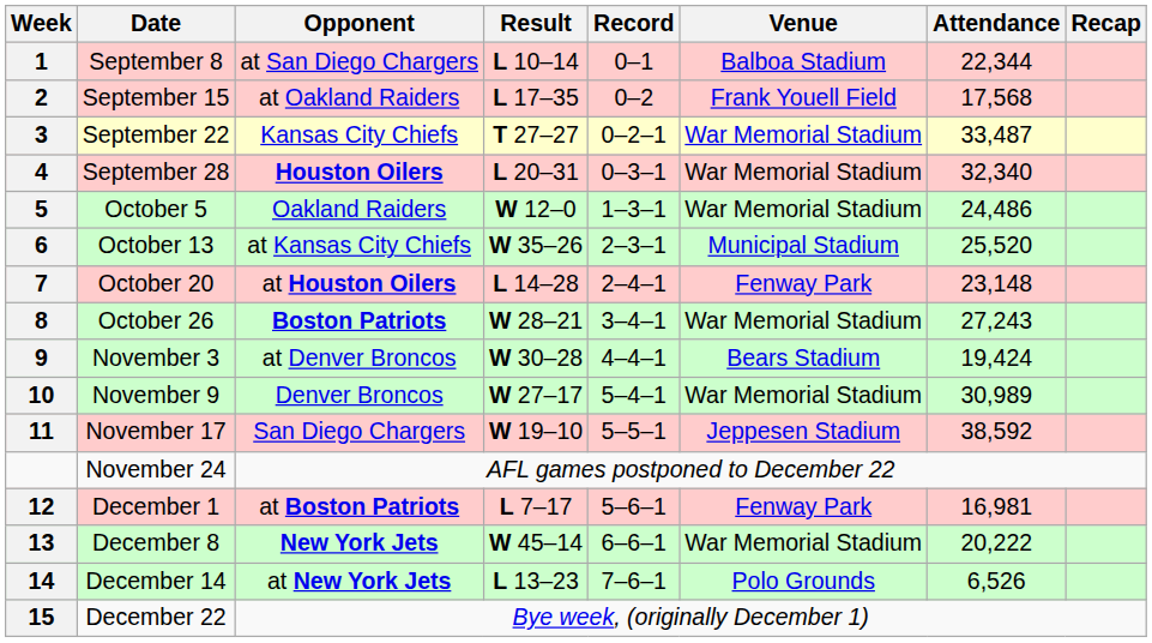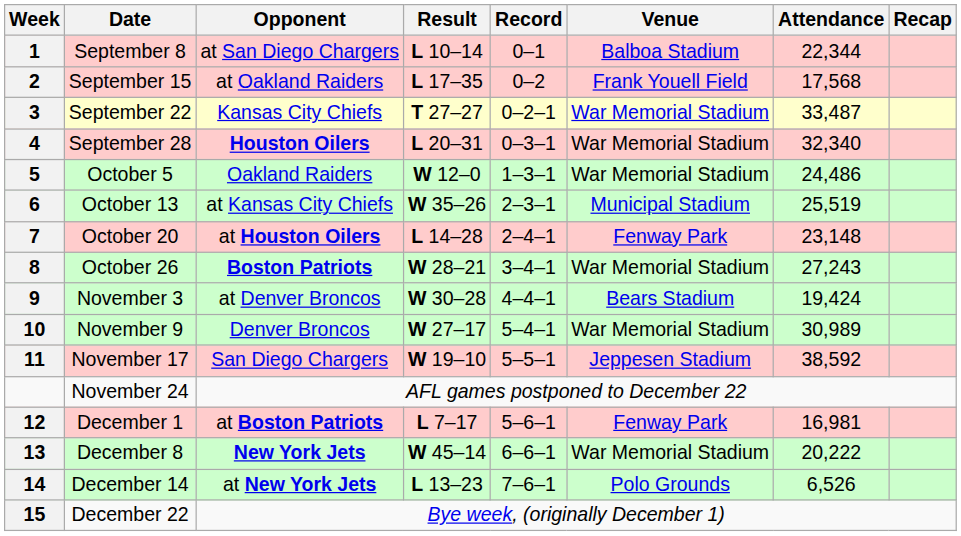 <table class="wikitable" style="text-align:center">
 <tr>
 <th>Week</th>
 <th>Date</th>
 <th>Opponent</th>
 <th>Result</th>
 <th>Record</th>
 <th>Venue</th>
 <th>Attendance</th>
 <th>Recap</th>
 </tr>
 <tr style="background:#fcc">
 <th>1</th>
 <td>September 8</td>
 <td>at <a href='#'>San Diego Chargers</a></td>
 <td><strong>L</strong> 10–14</td>
 <td>0–1</td>
 <td><a href='#'>Balboa Stadium</a></td>
 <td>22,344</td>
 <td></td>
 </tr>
 <tr style="background:#fcc">
 <th>2</th>
 <td>September 15</td>
 <td>at <a href='#'>Oakland Raiders</a></td>
 <td><strong>L</strong> 17–35</td>
 <td>0–2</td>
 <td><a href='#'>Frank Youell Field</a></td>
 <td>17,568</td>
 <td></td>
 </tr>
 <tr style="background:#ffc">
 <th>3</th>
 <td>September 22</td>
 <td><a href='#'>Kansas City Chiefs</a></td>
 <td><strong>T</strong> 27–27</td>
 <td>0–2–1</td>
 <td><a href='#'>War Memorial Stadium</a></td>
 <td>33,487</td>
 <td></td>
 </tr>
 <tr style="background:#fcc">
 <th>4</th>
 <td>September 28</td>
 <td><strong><a href='#'>Houston Oilers</a></strong></td>
 <td><strong>L</strong> 20–31</td>
 <td>0–3–1</td>
 <td>War Memorial Stadium</td>
 <td>32,340</td>
 <td></td>
 </tr>
 <tr style="background:#cfc">
 <th>5</th>
 <td>October 5</td>
 <td><a href='#'>Oakland Raiders</a></td>
 <td><strong>W</strong> 12–0</td>
 <td>1–3–1</td>
 <td>War Memorial Stadium</td>
 <td>24,486</td>
 <td></td>
 </tr>
 <tr style="background:#cfc">
 <th>6</th>
 <td>October 13</td>
 <td>at <a href='#'>Kansas City Chiefs</a></td>
 <td><strong>W</strong> 35–26</td>
 <td>2–3–1</td>
 <td><a href='#'>Municipal Stadium</a></td>
-<td>25,520</td>
+<td>25,519</td>
 <td></td>
 </tr>
 <tr style="background:#fcc">
 <th>7</th>
 <td>October 20</td>
 <td>at <strong><a href='#'>Houston Oilers</a></strong></td>
 <td><strong>L</strong> 14–28</td>
 <td>2–4–1</td>
 <td><a href='#'>Fenway Park</a></td>
 <td>23,148</td>
 <td></td>
 </tr>
 <tr style="background:#cfc">
 <th>8</th>
 <td>October 26</td>
 <td><strong><a href='#'>Boston Patriots</a></strong></td>
 <td><strong>W</strong> 28–21</td>
 <td>3–4–1</td>
 <td>War Memorial Stadium</td>
 <td>27,243</td>
 <td></td>
 </tr>
 <tr style="background:#cfc">
 <th>9</th>
 <td>November 3</td>
 <td>at <a href='#'>Denver Broncos</a></td>
 <td><strong>W</strong> 30–28</td>
 <td>4–4–1</td>
 <td><a href='#'>Bears Stadium</a></td>
 <td>19,424</td>
 <td></td>
 </tr>
 <tr style="background:#cfc">
 <th>10</th>
 <td>November 9</td>
 <td><a href='#'>Denver Broncos</a></td>
 <td><strong>W</strong> 27–17</td>
 <td>5–4–1</td>
 <td>War Memorial Stadium</td>
 <td>30,989</td>
 <td></td>
 </tr>
 <tr style="background:#fcc">
 <th>11</th>
 <td>November 17</td>
 <td><a href='#'>San Diego Chargers</a></td>
 <td><strong>W</strong> 19–10</td>
 <td>5–5–1</td>
 <td><a href='#'>Jeppesen Stadium</a></td>
 <td>38,592</td>
 <td></td>
 </tr>
 <tr>
 <td align=center></td>
 <td>November 24</td>
 <td colSpan="7" style="text-align: center;"><em>AFL games postponed to December 22</em></td>
 </tr>
 <tr style="background:#fcc">
 <th>12</th>
 <td>December 1</td>
 <td>at <strong><a href='#'>Boston Patriots</a></strong></td>
 <td><strong>L</strong> 7–17</td>
 <td>5–6–1</td>
 <td><a href='#'>Fenway Park</a></td>
 <td>16,981</td>
 <td></td>
 </tr>
 <tr style="background:#cfc">
 <th>13</th>
 <td>December 8</td>
 <td><strong><a href='#'>New York Jets</a></strong></td>
 <td><strong>W</strong> 45–14</td>
 <td>6–6–1</td>
 <td>War Memorial Stadium</td>
 <td>20,222</td>
 <td></td>
 </tr>
 <tr style="background:#cfc">
 <th>14</th>
 <td>December 14</td>
 <td>at <strong><a href='#'>New York Jets</a></strong></td>
 <td><strong>L</strong> 13–23</td>
 <td>7–6–1</td>
 <td><a href='#'>Polo Grounds</a></td>
 <td>6,526</td>
 <td></td>
 </tr>
 <tr>
 <th>15</th>
 <td>December 22</td>
 <td colSpan="7" style="text-align: center;"><em><a href='#'>Bye week</a>, (originally December 1)</em></td>
 </tr>
 </table>
